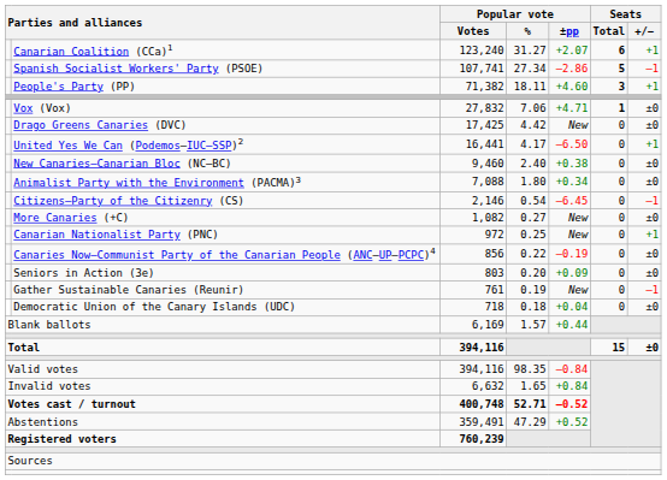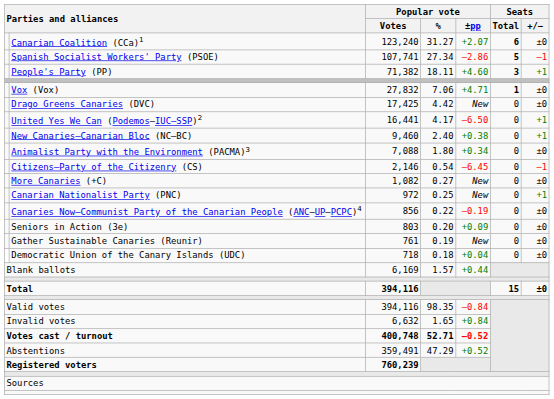 <table class="wikitable" style="text-align:right;">
 <tr>
 <th style="text-align:left;" rowspan="2" colspan="2" width="525">Parties and alliances</th>
 <th colspan="3">Popular vote</th>
 <th colspan="2">Seats</th>
 </tr>
 <tr>
 <th width="75">Votes</th>
 <th width="45">%</th>
 <th width="45">±<a href='#'>pp</a></th>
 <th width="35">Total</th>
 <th width="35">+/−</th>
 </tr>
 <tr>
 <td width="1" style="color:inherit;background:"></td>
 <td align="left"><a href='#'>Canarian Coalition</a> (CCa)<sup>1</sup></td>
 <td>123,240</td>
 <td>31.27</td>
 <td style="color:green;">+2.07</td>
 <td><strong>6</strong></td>
-<td style="color:green;">+1</td>
+<td>±0</td>
 </tr>
 <tr>
 <td style="color:inherit;background:"></td>
 <td align="left"><a href='#'>Spanish Socialist Workers' Party</a> (PSOE)</td>
 <td>107,741</td>
 <td>27.34</td>
 <td style="color:red;">–2.86</td>
 <td><strong>5</strong></td>
 <td style="color:red;">–1</td>
 </tr>
 <tr>
 <td style="color:inherit;background:"></td>
 <td align="left"><a href='#'>People's Party</a> (PP)</td>
 <td>71,382</td>
 <td>18.11</td>
 <td style="color:green;">+4.60</td>
 <td><strong>3</strong></td>
 <td style="color:green;">+1</td>
 </tr>
 <tr>
 <td colspan="7" bgcolor="#C0C0C0"></td>
 </tr>
 <tr>
 <td style="color:inherit;background:"></td>
 <td align="left"><a href='#'>Vox</a> (Vox)</td>
 <td>27,832</td>
 <td>7.06</td>
 <td style="color:green;">+4.71</td>
 <td><strong>1</strong></td>
 <td>±0</td>
 </tr>
 <tr>
 <td style="color:inherit;background:"></td>
 <td align="left"><a href='#'>Drago Greens Canaries</a> (DVC)</td>
 <td>17,425</td>
 <td>4.42</td>
 <td><em>New</em></td>
 <td>0</td>
 <td>±0</td>
 </tr>
 <tr>
 <td style="color:inherit;background:"></td>
 <td align="left"><a href='#'>United Yes We Can</a> (<a href='#'>Podemos</a>–<a href='#'>IUC–SSP</a>)<sup>2</sup></td>
 <td>16,441</td>
 <td>4.17</td>
 <td style="color:red;">–6.50</td>
 <td>0</td>
 <td style="color:green;">+1</td>
 </tr>
 <tr>
 <td style="color:inherit;background:"></td>
 <td align="left"><a href='#'>New Canaries–Canarian Bloc</a> (NC–BC)</td>
 <td>9,460</td>
 <td>2.40</td>
 <td style="color:green;">+0.38</td>
 <td>0</td>
-<td>±0</td>
+<td style="color:green;">+1</td>
 </tr>
 <tr>
 <td style="color:inherit;background:"></td>
 <td align="left"><a href='#'>Animalist Party with the Environment</a> (PACMA)<sup>3</sup></td>
 <td>7,088</td>
 <td>1.80</td>
 <td style="color:green;">+0.34</td>
 <td>0</td>
 <td>±0</td>
 </tr>
 <tr>
 <td style="color:inherit;background:"></td>
 <td align="left"><a href='#'>Citizens–Party of the Citizenry</a> (CS)</td>
 <td>2,146</td>
 <td>0.54</td>
 <td style="color:red;">–6.45</td>
 <td>0</td>
 <td style="color:red;">–1</td>
 </tr>
 <tr>
 <td style="color:inherit;background:"></td>
 <td align="left"><a href='#'>More Canaries</a> (+C)</td>
 <td>1,082</td>
 <td>0.27</td>
 <td><em>New</em></td>
 <td>0</td>
 <td>±0</td>
 </tr>
 <tr>
 <td style="color:inherit;background:"></td>
 <td align="left"><a href='#'>Canarian Nationalist Party</a> (PNC)</td>
 <td>972</td>
 <td>0.25</td>
 <td><em>New</em></td>
 <td>0</td>
 <td style="color:green;">+1</td>
 </tr>
 <tr>
 <td style="color:inherit;background:"></td>
 <td align="left"><a href='#'>Canaries Now–Communist Party of the Canarian People</a> (<a href='#'>ANC</a>–<a href='#'>UP</a>–<a href='#'>PCPC</a>)<sup>4</sup></td>
 <td>856</td>
 <td>0.22</td>
 <td style="color:red;">–0.19</td>
 <td>0</td>
 <td>±0</td>
 </tr>
 <tr>
 <td style="color:inherit;background:"></td>
 <td align="left">Seniors in Action (3e)</td>
 <td>803</td>
 <td>0.20</td>
 <td style="color:green;">+0.09</td>
 <td>0</td>
 <td>±0</td>
 </tr>
 <tr>
 <td style="color:inherit;background:"></td>
 <td align="left">Gather Sustainable Canaries (Reunir)</td>
 <td>761</td>
 <td>0.19</td>
 <td><em>New</em></td>
 <td>0</td>
-<td style="color:red;">–1</td>
+<td>±0</td>
 </tr>
 <tr>
 <td bgcolor="white"></td>
 <td align="left">Democratic Union of the Canary Islands (UDC)</td>
 <td>718</td>
 <td>0.18</td>
 <td style="color:green;">+0.04</td>
 <td>0</td>
 <td>±0</td>
 </tr>
 <tr>
 <td align="left" colspan="2">Blank ballots</td>
 <td>6,169</td>
 <td>1.57</td>
 <td style="color:green;">+0.44</td>
 <td bgcolor="#E9E9E9" colspan="2"></td>
 </tr>
 <tr>
 <td colspan="7" bgcolor="#E9E9E9"></td>
 </tr>
 <tr style="font-weight:bold;">
 <td align="left" colspan="2">Total</td>
 <td>394,116</td>
 <td bgcolor="#E9E9E9" colspan="2"></td>
 <td>15</td>
 <td>±0</td>
 </tr>
 <tr>
 <td colspan="7" bgcolor="#E9E9E9"></td>
 </tr>
 <tr>
 <td align="left" colspan="2">Valid votes</td>
 <td>394,116</td>
 <td>98.35</td>
 <td style="color:red;">–0.84</td>
 <td bgcolor="#E9E9E9" colspan="2" rowspan="5"></td>
 </tr>
 <tr>
 <td align="left" colspan="2">Invalid votes</td>
 <td>6,632</td>
 <td>1.65</td>
 <td style="color:green;">+0.84</td>
 </tr>
 <tr style="font-weight:bold;">
 <td align="left" colspan="2">Votes cast / turnout</td>
 <td>400,748</td>
 <td>52.71</td>
 <td style="color:red;">–0.52</td>
 </tr>
 <tr>
 <td align="left" colspan="2">Abstentions</td>
 <td>359,491</td>
 <td>47.29</td>
 <td style="color:green;">+0.52</td>
 </tr>
 <tr style="font-weight:bold;">
 <td align="left" colspan="2">Registered voters</td>
 <td>760,239</td>
 <td bgcolor="#E9E9E9" colspan="2"></td>
 </tr>
 <tr>
 <td colspan="7" bgcolor="#E9E9E9"></td>
 </tr>
 <tr>
 <td align="left" colspan="7">Sources</td>
 </tr>
 <tr>
 <td colspan="9" style="text-align:left;font-size:95%;max-width:790px;"></td>
 </tr>
 </table>
